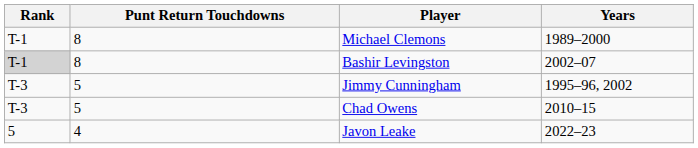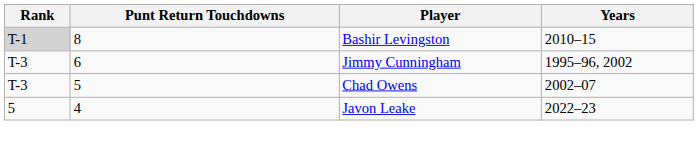 <table class="wikitable" style="width:60%;">
 <tr>
 <th>Rank</th>
 <th>Punt Return Touchdowns</th>
 <th>Player</th>
 <th>Years</th>
 </tr>
 <tr>
-<td>T-1</td>
-<td>8</td>
-<td><a href='#'>Michael Clemons</a></td>
-<td>1989–2000</td>
-</tr>
-<tr>
 <td style="background: lightgrey;">T-1</td>
 <td>8</td>
 <td><a href='#'>Bashir Levingston</a></td>
-<td>2002–07</td>
+<td>2010–15</td>
 </tr>
 <tr>
 <td>T-3</td>
-<td>5</td>
+<td>6</td>
 <td><a href='#'>Jimmy Cunningham</a></td>
 <td>1995–96, 2002</td>
 </tr>
 <tr>
 <td>T-3</td>
 <td>5</td>
 <td><a href='#'>Chad Owens</a></td>
-<td>2010–15</td>
+<td>2002–07</td>
 </tr>
 <tr>
 <td>5</td>
 <td>4</td>
 <td><a href='#'>Javon Leake</a></td>
 <td>2022–23</td>
 </tr>
 </table>
